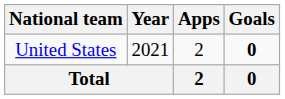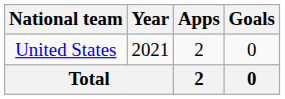 <table class="wikitable" style="text-align:center">
 <tr>
 <th>National team</th>
 <th>Year</th>
 <th>Apps</th>
 <th>Goals</th>
 </tr>
 <tr>
 <td rowspan="1"><a href='#'>United States</a></td>
 <td>2021</td>
 <td>2</td>
-<td><strong>0</strong></td>
+<td>0</td>
 </tr>
 <tr>
 <th colspan="2">Total</th>
 <th>2</th>
 <th>0</th>
 </tr>
 </table>
